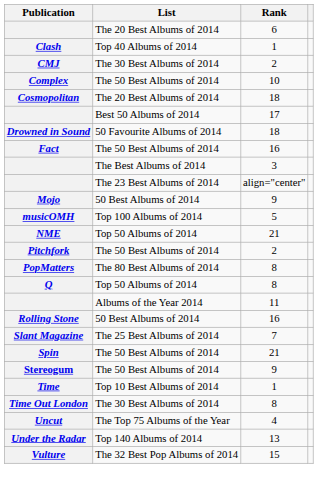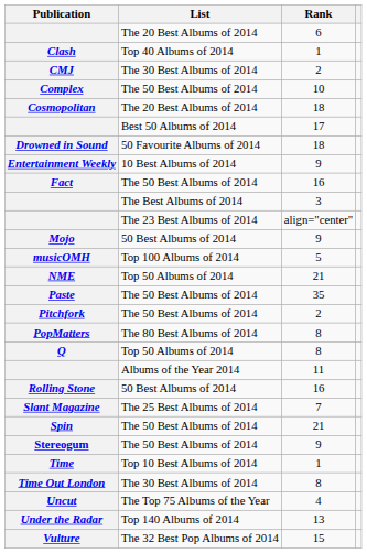 <table class="wikitable sortable plainrowheaders">
 <tr>
 <th scope="col">Publication</th>
 <th scope="col">List</th>
 <th scope="col">Rank</th>
 <th scope="col" class="unsortable"></th>
 </tr>
 <tr>
 <th scope="row"><em></em></th>
 <td>The 20 Best Albums of 2014</td>
 <td align="center">6</td>
 <td align="center"></td>
 </tr>
 <tr>
 <th scope="row"><em><a href='#'>Clash</a></em></th>
 <td>Top 40 Albums of 2014</td>
 <td align="center">1</td>
 <td align="center"></td>
 </tr>
 <tr>
 <th scope="row"><em><a href='#'>CMJ</a></em></th>
 <td>The 30 Best Albums of 2014</td>
 <td align="center">2</td>
 <td align="center"></td>
 </tr>
 <tr>
 <th scope="row"><em><a href='#'>Complex</a></em></th>
 <td>The 50 Best Albums of 2014</td>
 <td align="center">10</td>
 <td align="center"></td>
 </tr>
 <tr>
 <th scope="row"><em><a href='#'>Cosmopolitan</a></em></th>
 <td>The 20 Best Albums of 2014</td>
 <td align="center">18</td>
 <td align="center"></td>
 </tr>
 <tr>
 <th scope="row"><em></em></th>
 <td>Best 50 Albums of 2014</td>
 <td align="center">17</td>
 <td align="center"></td>
 </tr>
 <tr>
 <th scope="row"><em><a href='#'>Drowned in Sound</a></em></th>
 <td>50 Favourite Albums of 2014</td>
 <td align="center">18</td>
 <td align="center"></td>
 </tr>
 <tr>
+<th scope="row"><em><a href='#'>Entertainment Weekly</a></em></th>
+<td>10 Best Albums of 2014</td>
+<td align="center">9</td>
+<td align="center"></td>
+</tr>
+<tr>
 <th scope="row"><em><a href='#'>Fact</a></em></th>
 <td>The 50 Best Albums of 2014</td>
 <td align="center">16</td>
 <td align="center"></td>
 </tr>
 <tr>
 <th scope="row"><em></em></th>
 <td>The Best Albums of 2014</td>
 <td align="center">3</td>
 <td align="center"></td>
 </tr>
 <tr>
 <th scope="row"><em></em></th>
 <td>The 23 Best Albums of 2014</td>
 <td>align="center" </td>
 <td align="center"></td>
 </tr>
 <tr>
 <th scope="row"><em><a href='#'>Mojo</a></em></th>
 <td>50 Best Albums of 2014</td>
 <td align="center">9</td>
 <td align="center"></td>
 </tr>
 <tr>
 <th scope="row"><em><a href='#'>musicOMH</a></em></th>
 <td>Top 100 Albums of 2014</td>
 <td align="center">5</td>
 <td align="center"></td>
 </tr>
 <tr>
 <th scope="row"><em><a href='#'>NME</a></em></th>
 <td>Top 50 Albums of 2014</td>
 <td align="center">21</td>
+<td align="center"></td>
+</tr>
+<tr>
+<th scope="row"><em><a href='#'>Paste</a></em></th>
+<td>The 50 Best Albums of 2014</td>
+<td align="center">35</td>
 <td align="center"></td>
 </tr>
 <tr>
 <th scope="row"><em><a href='#'>Pitchfork</a></em></th>
 <td>The 50 Best Albums of 2014</td>
 <td align="center">2</td>
 <td align="center"></td>
 </tr>
 <tr>
 <th scope="row"><em><a href='#'>PopMatters</a></em></th>
 <td>The 80 Best Albums of 2014</td>
 <td align="center">8</td>
 <td align="center"></td>
 </tr>
 <tr>
 <th scope="row"><em><a href='#'>Q</a></em></th>
 <td>Top 50 Albums of 2014</td>
 <td align="center">8</td>
 <td align="center"></td>
 </tr>
 <tr>
 <th scope="row"><em></em></th>
 <td>Albums of the Year 2014</td>
 <td align="center">11</td>
 <td align="center"></td>
 </tr>
 <tr>
 <th scope="row"><em><a href='#'>Rolling Stone</a></em></th>
 <td>50 Best Albums of 2014</td>
 <td align="center">16</td>
 <td align="center"></td>
 </tr>
 <tr>
 <th scope="row"><em><a href='#'>Slant Magazine</a></em></th>
 <td>The 25 Best Albums of 2014</td>
 <td align="center">7</td>
 <td align="center"></td>
 </tr>
 <tr>
 <th scope="row"><em><a href='#'>Spin</a></em></th>
 <td>The 50 Best Albums of 2014</td>
 <td align="center">21</td>
 <td align="center"></td>
 </tr>
 <tr>
 <th scope="row"><a href='#'>Stereogum</a></th>
 <td>The 50 Best Albums of 2014</td>
 <td align="center">9</td>
 <td align="center"></td>
 </tr>
 <tr>
 <th scope="row"><em><a href='#'>Time</a></em></th>
 <td>Top 10 Best Albums of 2014</td>
 <td align="center">1</td>
 <td align="center"></td>
 </tr>
 <tr>
 <th scope="row"><em><a href='#'>Time Out London</a></em></th>
 <td>The 30 Best Albums of 2014</td>
 <td align="center">8</td>
 <td align="center"></td>
 </tr>
 <tr>
 <th scope="row"><em><a href='#'>Uncut</a></em></th>
 <td>The Top 75 Albums of the Year</td>
 <td align="center">4</td>
 <td align="center"></td>
 </tr>
 <tr>
 <th scope="row"><em><a href='#'>Under the Radar</a></em></th>
 <td>Top 140 Albums of 2014</td>
 <td align="center">13</td>
 <td align="center"></td>
 </tr>
 <tr>
 <th scope="row"><em><a href='#'>Vulture</a></em></th>
 <td>The 32 Best Pop Albums of 2014</td>
 <td align="center">15</td>
 <td align="center"></td>
 </tr>
 </table>
